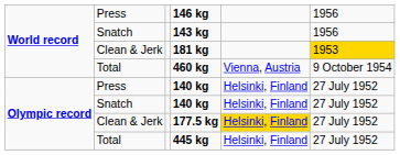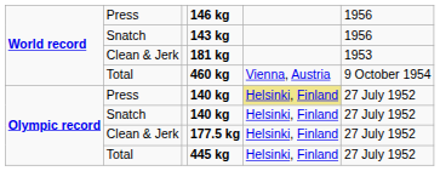 <table class="wikitable">
 <tr>
 <td rowspan=4><strong><a href='#'>World record</a></strong></td>
 <td>Press</td>
 <td></td>
 <td><strong>146 kg</strong></td>
 <td></td>
 <td>1956</td>
 </tr>
 <tr>
 <td>Snatch</td>
 <td></td>
 <td><strong>143 kg</strong></td>
 <td></td>
 <td>1956</td>
 </tr>
 <tr>
 <td>Clean & Jerk</td>
 <td></td>
 <td><strong>181 kg</strong></td>
 <td></td>
-<td style="background: gold;">1953</td>
+<td>1953</td>
 </tr>
 <tr>
 <td>Total</td>
 <td></td>
 <td><strong>460 kg</strong></td>
 <td><a href='#'>Vienna</a>, <a href='#'>Austria</a></td>
 <td>9 October 1954</td>
 </tr>
 <tr>
 <td rowspan=4><strong><a href='#'>Olympic record</a></strong></td>
 <td>Press</td>
 <td></td>
 <td><strong>140 kg</strong></td>
-<td><a href='#'>Helsinki</a>, <a href='#'>Finland</a></td>
+<td style="background: khaki;"><a href='#'>Helsinki</a>, <a href='#'>Finland</a></td>
 <td>27 July 1952</td>
 </tr>
 <tr>
 <td>Snatch</td>
 <td></td>
 <td><strong>140 kg</strong></td>
 <td><a href='#'>Helsinki</a>, <a href='#'>Finland</a></td>
 <td>27 July 1952</td>
 </tr>
 <tr>
 <td>Clean & Jerk</td>
 <td></td>
 <td><strong>177.5 kg</strong></td>
-<td style="background: gold;"><a href='#'>Helsinki</a>, <a href='#'>Finland</a></td>
+<td><a href='#'>Helsinki</a>, <a href='#'>Finland</a></td>
 <td>27 July 1952</td>
 </tr>
 <tr>
 <td>Total</td>
 <td></td>
 <td><strong>445 kg</strong></td>
 <td><a href='#'>Helsinki</a>, <a href='#'>Finland</a></td>
 <td>27 July 1952</td>
 </tr>
 </table>
